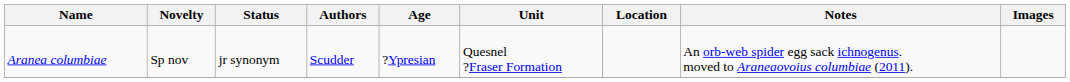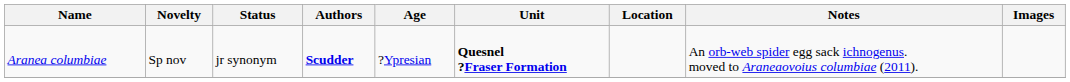 <table class="wikitable sortable" align="center" width="100%">
 <tr>
 <th>Name</th>
 <th>Novelty</th>
 <th>Status</th>
 <th>Authors</th>
 <th>Age</th>
 <th>Unit</th>
 <th>Location</th>
 <th>Notes</th>
 <th>Images</th>
 </tr>
 <tr>
 <td><br><em><a href='#'>Aranea columbiae</a></em></td>
 <td><br>Sp nov</td>
 <td><br>jr synonym</td>
-<td><br><a href='#'>Scudder</a></td>
+<td><strong><br><a href='#'>Scudder</a></strong></td>
 <td><br>?<a href='#'>Ypresian</a></td>
-<td><br>Quesnel<br>?<a href='#'>Fraser Formation</a></td>
+<td><strong><br>Quesnel<br>?<a href='#'>Fraser Formation</a></strong></td>
 <td><br><br></td>
 <td><br>An <a href='#'>orb-web spider</a> egg sack <a href='#'>ichnogenus</a>.<br> moved to <em><a href='#'>Araneaovoius columbiae</a></em> (<a href='#'>2011</a>).</td>
 <td><br></td>
 </tr>
 <tr>
 </tr>
 </table>
